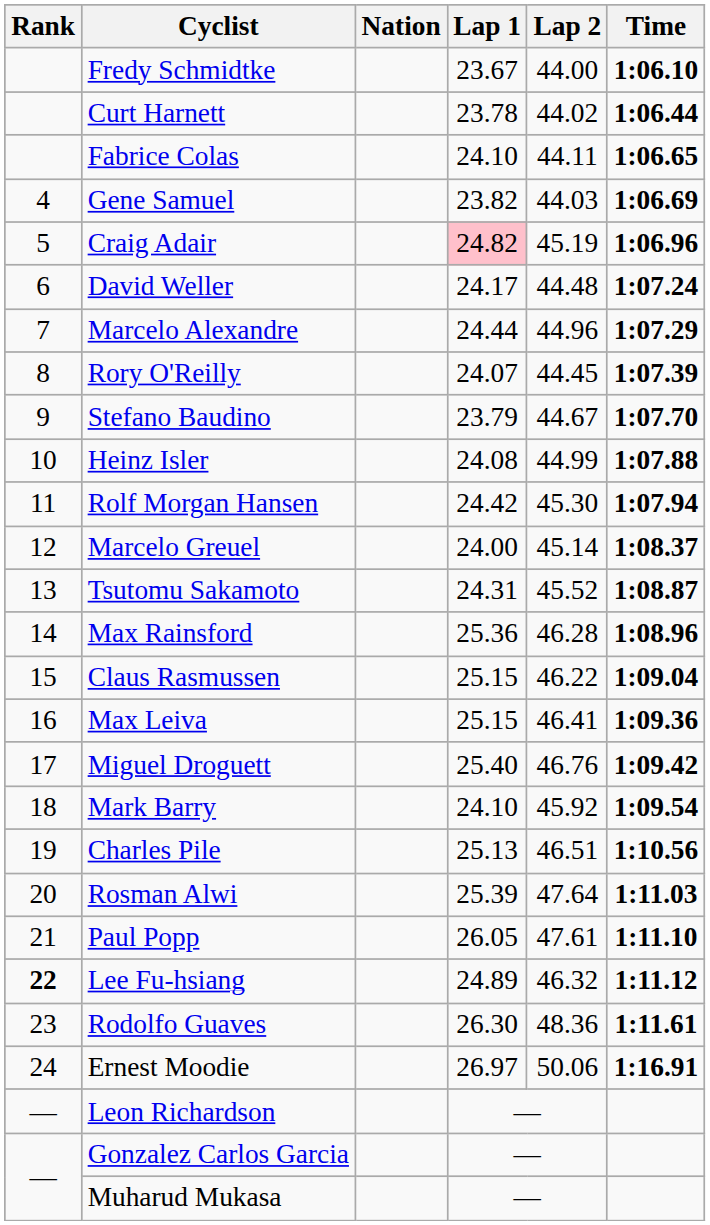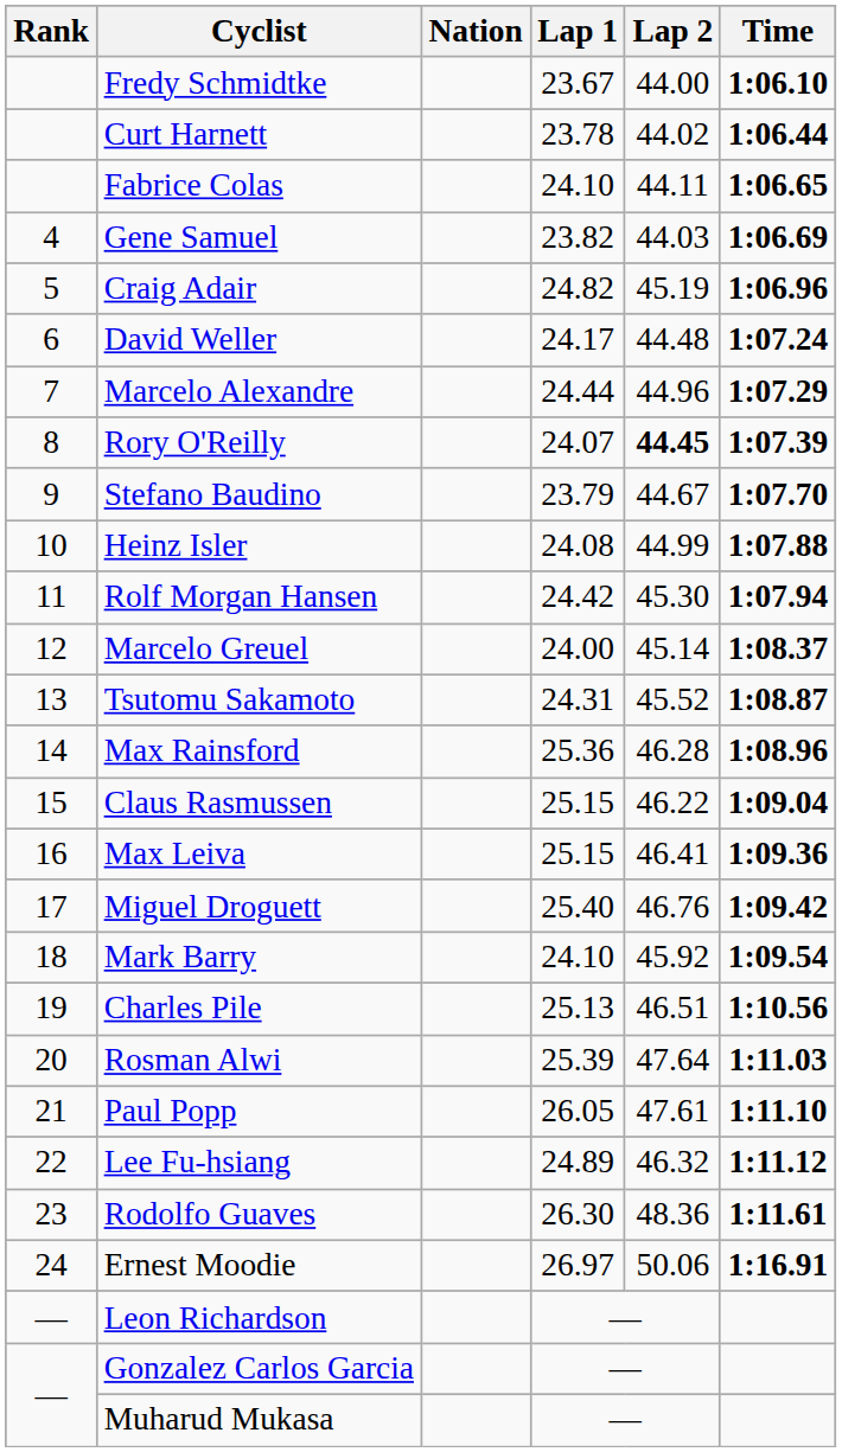 <table class="wikitable sortable" style="text-align:center">
 <tr>
 <th>Rank</th>
 <th>Cyclist</th>
 <th>Nation</th>
 <th>Lap 1</th>
 <th>Lap 2</th>
 <th>Time</th>
 </tr>
 <tr>
 <td></td>
 <td align=left><a href='#'>Fredy Schmidtke</a></td>
 <td align=left></td>
 <td>23.67</td>
 <td>44.00</td>
 <td><strong>1:06.10</strong></td>
 </tr>
 <tr>
 <td></td>
 <td align=left><a href='#'>Curt Harnett</a></td>
 <td align=left></td>
 <td>23.78</td>
 <td>44.02</td>
 <td><strong>1:06.44</strong></td>
 </tr>
 <tr>
 <td></td>
 <td align=left><a href='#'>Fabrice Colas</a></td>
 <td align=left></td>
 <td>24.10</td>
 <td>44.11</td>
 <td><strong>1:06.65</strong></td>
 </tr>
 <tr>
 <td>4</td>
 <td align=left><a href='#'>Gene Samuel</a></td>
 <td align=left></td>
 <td>23.82</td>
 <td>44.03</td>
 <td><strong>1:06.69</strong></td>
 </tr>
 <tr>
 <td>5</td>
 <td align=left><a href='#'>Craig Adair</a></td>
 <td align=left></td>
-<td style="background: pink;">24.82</td>
+<td>24.82</td>
 <td>45.19</td>
 <td><strong>1:06.96</strong></td>
 </tr>
 <tr>
 <td>6</td>
 <td align=left><a href='#'>David Weller</a></td>
 <td align=left></td>
 <td>24.17</td>
 <td>44.48</td>
 <td><strong>1:07.24</strong></td>
 </tr>
 <tr>
 <td>7</td>
 <td align=left><a href='#'>Marcelo Alexandre</a></td>
 <td align=left></td>
 <td>24.44</td>
 <td>44.96</td>
 <td><strong>1:07.29</strong></td>
 </tr>
 <tr>
 <td>8</td>
 <td align=left><a href='#'>Rory O'Reilly</a></td>
 <td align=left></td>
 <td>24.07</td>
-<td>44.45</td>
+<td><strong>44.45</strong></td>
 <td><strong>1:07.39</strong></td>
 </tr>
 <tr>
 <td>9</td>
 <td align=left><a href='#'>Stefano Baudino</a></td>
 <td align=left></td>
 <td>23.79</td>
 <td>44.67</td>
 <td><strong>1:07.70</strong></td>
 </tr>
 <tr>
 <td>10</td>
 <td align=left><a href='#'>Heinz Isler</a></td>
 <td align=left></td>
 <td>24.08</td>
 <td>44.99</td>
 <td><strong>1:07.88</strong></td>
 </tr>
 <tr>
 <td>11</td>
 <td align=left><a href='#'>Rolf Morgan Hansen</a></td>
 <td align=left></td>
 <td>24.42</td>
 <td>45.30</td>
 <td><strong>1:07.94</strong></td>
 </tr>
 <tr>
 <td>12</td>
 <td align=left><a href='#'>Marcelo Greuel</a></td>
 <td align=left></td>
 <td>24.00</td>
 <td>45.14</td>
 <td><strong>1:08.37</strong></td>
 </tr>
 <tr>
 <td>13</td>
 <td align=left><a href='#'>Tsutomu Sakamoto</a></td>
 <td align=left></td>
 <td>24.31</td>
 <td>45.52</td>
 <td><strong>1:08.87</strong></td>
 </tr>
 <tr>
 <td>14</td>
 <td align=left><a href='#'>Max Rainsford</a></td>
 <td align=left></td>
 <td>25.36</td>
 <td>46.28</td>
 <td><strong>1:08.96</strong></td>
 </tr>
 <tr>
 <td>15</td>
 <td align=left><a href='#'>Claus Rasmussen</a></td>
 <td align=left></td>
 <td>25.15</td>
 <td>46.22</td>
 <td><strong>1:09.04</strong></td>
 </tr>
 <tr>
 <td>16</td>
 <td align=left><a href='#'>Max Leiva</a></td>
 <td align=left></td>
 <td>25.15</td>
 <td>46.41</td>
 <td><strong>1:09.36</strong></td>
 </tr>
 <tr>
 <td>17</td>
 <td align=left><a href='#'>Miguel Droguett</a></td>
 <td align=left></td>
 <td>25.40</td>
 <td>46.76</td>
 <td><strong>1:09.42</strong></td>
 </tr>
 <tr>
 <td>18</td>
 <td align=left><a href='#'>Mark Barry</a></td>
 <td align=left></td>
 <td>24.10</td>
 <td>45.92</td>
 <td><strong>1:09.54</strong></td>
 </tr>
 <tr>
 <td>19</td>
 <td align=left><a href='#'>Charles Pile</a></td>
 <td align=left></td>
 <td>25.13</td>
 <td>46.51</td>
 <td><strong>1:10.56</strong></td>
 </tr>
 <tr>
 <td>20</td>
 <td align=left><a href='#'>Rosman Alwi</a></td>
 <td align=left></td>
 <td>25.39</td>
 <td>47.64</td>
 <td><strong>1:11.03</strong></td>
 </tr>
 <tr>
 <td>21</td>
 <td align=left><a href='#'>Paul Popp</a></td>
 <td align=left></td>
 <td>26.05</td>
 <td>47.61</td>
 <td><strong>1:11.10</strong></td>
 </tr>
 <tr>
-<td><strong>22</strong></td>
+<td>22</td>
 <td align=left><a href='#'>Lee Fu-hsiang</a></td>
 <td align=left></td>
 <td>24.89</td>
 <td>46.32</td>
 <td><strong>1:11.12</strong></td>
 </tr>
 <tr>
 <td>23</td>
 <td align=left><a href='#'>Rodolfo Guaves</a></td>
 <td align=left></td>
 <td>26.30</td>
 <td>48.36</td>
 <td><strong>1:11.61</strong></td>
 </tr>
 <tr>
 <td>24</td>
 <td align=left>Ernest Moodie</td>
 <td align=left></td>
 <td>26.97</td>
 <td>50.06</td>
 <td><strong>1:16.91</strong></td>
 </tr>
 <tr>
 <td data-sort-value=25>—</td>
 <td align=left><a href='#'>Leon Richardson</a></td>
 <td align=left></td>
 <td colspan=2 data-sort-value=89.99>—</td>
 <td data-sort-value=8:99.99></td>
 </tr>
 <tr>
 <td rowspan=2 data-sort-value=26>—</td>
 <td align=left><a href='#'>Gonzalez Carlos Garcia</a></td>
 <td align=left></td>
 <td colspan=2 data-sort-value=99.99>—</td>
 <td data-sort-value=9:99.99></td>
 </tr>
 <tr>
 <td align=left>Muharud Mukasa</td>
 <td align=left></td>
 <td colspan=2 data-sort-value=99.99>—</td>
 <td data-sort-value=9:99.99></td>
 </tr>
 </table>
